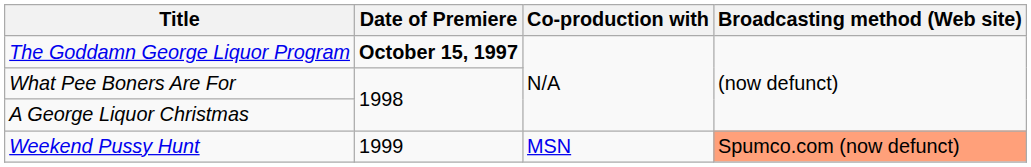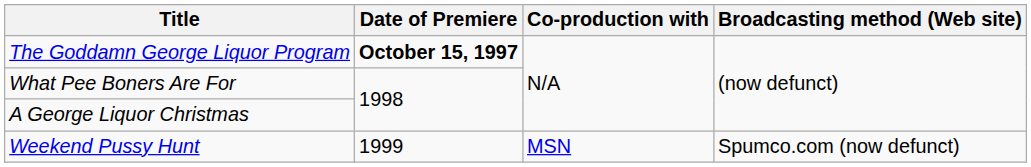 <table class="wikitable" border="1">
 <tr>
 <th>Title</th>
 <th>Date of Premiere</th>
 <th>Co-production with</th>
 <th>Broadcasting method (Web site)</th>
 </tr>
 <tr>
 <td><em><a href='#'>The Goddamn George Liquor Program</a></em></td>
 <td><strong>October 15, 1997</strong></td>
 <td rowspan="3">N/A</td>
 <td rowspan="3"> (now defunct)</td>
 </tr>
 <tr>
 <td><em>What Pee Boners Are For</em></td>
 <td rowspan="2">1998</td>
 </tr>
 <tr>
 <td><em>A George Liquor Christmas</em></td>
 </tr>
 <tr>
 <td><em><a href='#'>Weekend Pussy Hunt</a></em></td>
 <td>1999</td>
 <td><a href='#'>MSN</a></td>
-<td style="background: lightsalmon;">Spumco.com (now defunct)<br></td>
+<td>Spumco.com (now defunct)<br></td>
 </tr>
 </table>
